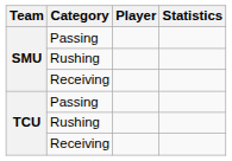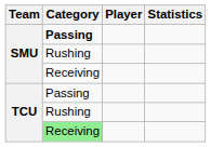 <table class="wikitable" style="float:right">
 <tr>
 <th>Team</th>
 <th>Category</th>
 <th>Player</th>
 <th>Statistics</th>
 </tr>
 <tr>
 <th rowspan=3>SMU</th>
-<td>Passing</td>
+<td><strong>Passing</strong></td>
 <td></td>
 <td></td>
 </tr>
 <tr>
 <td>Rushing</td>
 <td></td>
 <td></td>
 </tr>
 <tr>
 <td>Receiving</td>
 <td></td>
 <td></td>
 </tr>
 <tr>
 <th rowspan=3>TCU</th>
 <td>Passing</td>
 <td></td>
 <td></td>
 </tr>
 <tr>
 <td>Rushing</td>
 <td></td>
 <td></td>
 </tr>
 <tr>
-<td>Receiving</td>
+<td style="background: lightgreen;">Receiving</td>
 <td></td>
 <td></td>
 </tr>
 </table>
